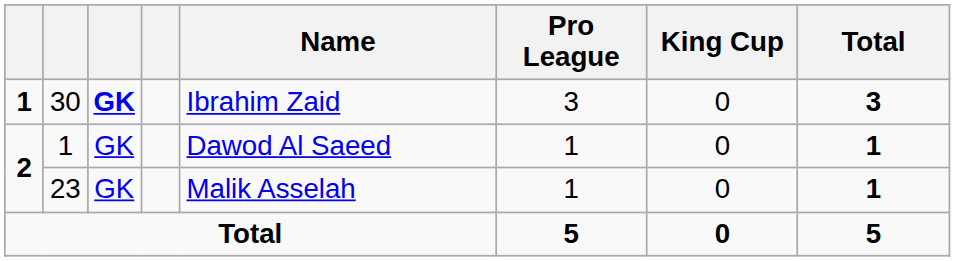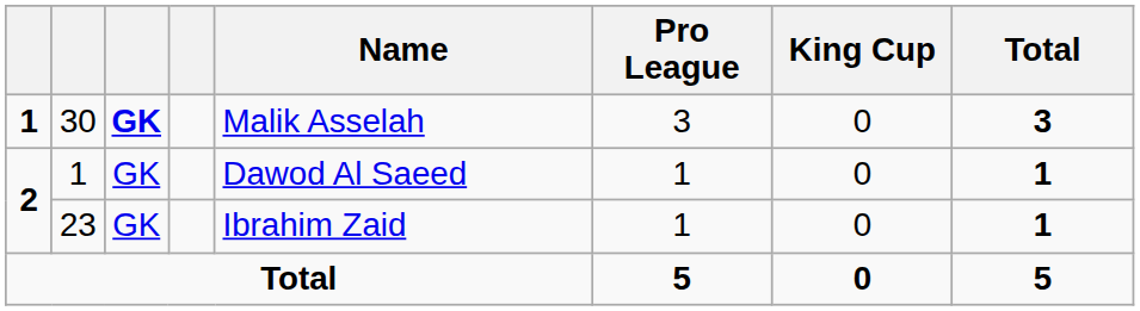 <table class="wikitable" style="text-align:center">
 <tr>
 <th width=15></th>
 <th width=15></th>
 <th width=15></th>
 <th width=15></th>
 <th width=175>Name</th>
 <th width=80>Pro League</th>
 <th width=80>King Cup</th>
 <th width=80>Total</th>
 </tr>
 <tr>
 <td><strong>1</strong></td>
 <td>30</td>
 <td><strong><a href='#'>GK</a></strong></td>
 <td></td>
-<td align=left><a href='#'>Ibrahim Zaid</a></td>
+<td align=left><a href='#'>Malik Asselah</a></td>
 <td>3</td>
 <td>0</td>
 <td><strong>3</strong></td>
 </tr>
 <tr>
 <td rowspan=2><strong>2</strong></td>
 <td>1</td>
 <td><a href='#'>GK</a></td>
 <td></td>
 <td align=left><a href='#'>Dawod Al Saeed</a></td>
 <td>1</td>
 <td>0</td>
 <td><strong>1</strong></td>
 </tr>
 <tr>
 <td>23</td>
 <td><a href='#'>GK</a></td>
 <td></td>
-<td align=left><a href='#'>Malik Asselah</a></td>
+<td align=left><a href='#'>Ibrahim Zaid</a></td>
 <td>1</td>
 <td>0</td>
 <td><strong>1</strong></td>
 </tr>
 <tr>
 <td colspan=5><strong>Total</strong></td>
 <td><strong>5</strong></td>
 <td><strong>0</strong></td>
 <td><strong>5</strong></td>
 </tr>
 </table>
